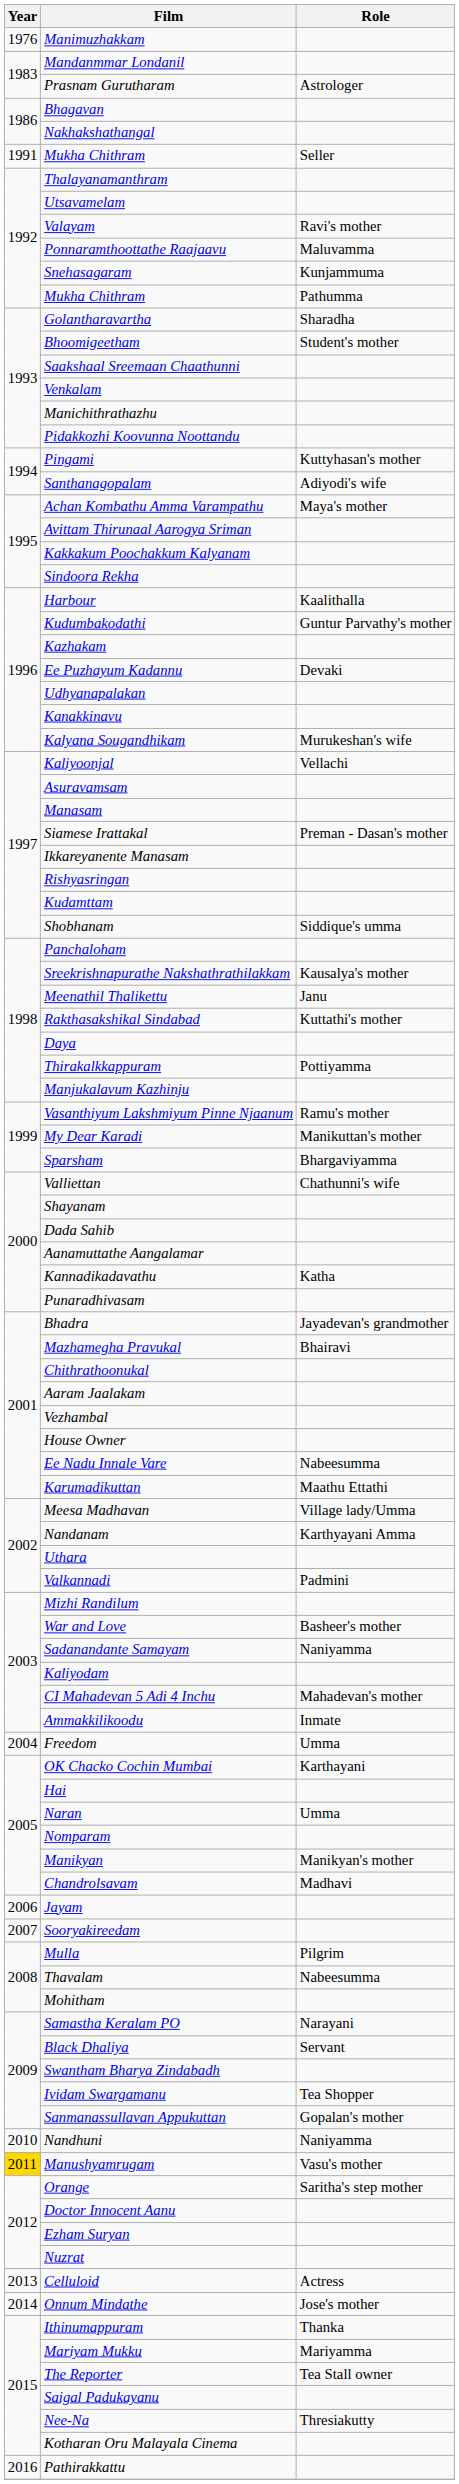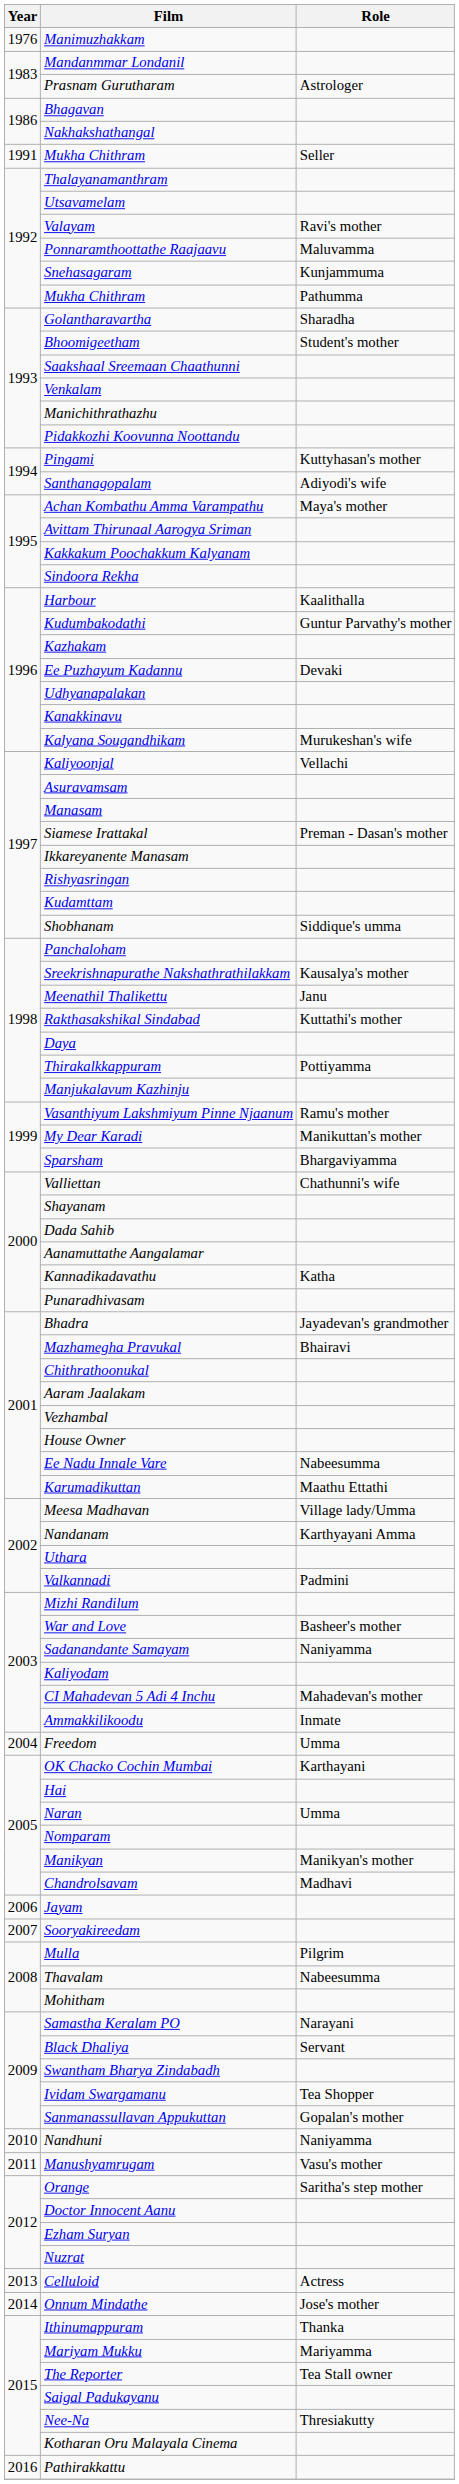 <table class="wikitable sortable">
 <tr>
 <th>Year</th>
 <th>Film</th>
 <th>Role</th>
 </tr>
 <tr>
 <td>1976</td>
 <td><em><a href='#'>Manimuzhakkam</a></em></td>
 <td></td>
 </tr>
 <tr>
 <td rowspan="2">1983</td>
 <td><em><a href='#'>Mandanmmar Londanil</a></em></td>
 <td></td>
 </tr>
 <tr>
 <td><em>Prasnam Gurutharam</em></td>
 <td>Astrologer</td>
 </tr>
 <tr>
 <td rowspan="2">1986</td>
 <td><em><a href='#'>Bhagavan</a></em></td>
 <td></td>
 </tr>
 <tr>
 <td><em><a href='#'>Nakhakshathangal</a></em></td>
 <td></td>
 </tr>
 <tr>
 <td>1991</td>
 <td><em><a href='#'>Mukha Chithram</a></em></td>
 <td>Seller</td>
 </tr>
 <tr>
 <td rowspan="6">1992</td>
 <td><em><a href='#'>Thalayanamanthram</a></em></td>
 <td></td>
 </tr>
 <tr>
 <td><em><a href='#'>Utsavamelam</a></em></td>
 <td></td>
 </tr>
 <tr>
 <td><em><a href='#'>Valayam</a></em></td>
 <td>Ravi's mother</td>
 </tr>
 <tr>
 <td><em><a href='#'>Ponnaramthoottathe Raajaavu</a></em></td>
 <td>Maluvamma</td>
 </tr>
 <tr>
 <td><em><a href='#'>Snehasagaram</a></em></td>
 <td>Kunjammuma</td>
 </tr>
 <tr>
 <td><em><a href='#'>Mukha Chithram</a></em></td>
 <td>Pathumma</td>
 </tr>
 <tr>
 <td rowspan="6">1993</td>
 <td><em><a href='#'>Golantharavartha</a></em></td>
 <td>Sharadha</td>
 </tr>
 <tr>
 <td><em><a href='#'>Bhoomigeetham</a></em></td>
 <td>Student's mother</td>
 </tr>
 <tr>
 <td><em><a href='#'>Saakshaal Sreemaan Chaathunni</a></em></td>
 <td></td>
 </tr>
 <tr>
 <td><em><a href='#'>Venkalam</a></em></td>
 <td></td>
 </tr>
 <tr>
 <td><em>Manichithrathazhu</em></td>
 <td></td>
 </tr>
 <tr>
 <td><em><a href='#'>Pidakkozhi Koovunna Noottandu</a></em></td>
 <td></td>
 </tr>
 <tr>
 <td rowspan="2">1994</td>
 <td><em><a href='#'>Pingami</a></em></td>
 <td>Kuttyhasan's mother</td>
 </tr>
 <tr>
 <td><em><a href='#'>Santhanagopalam</a></em></td>
 <td>Adiyodi's wife</td>
 </tr>
 <tr>
 <td rowspan="4">1995</td>
 <td><em><a href='#'>Achan Kombathu Amma Varampathu</a></em></td>
 <td>Maya's mother</td>
 </tr>
 <tr>
 <td><em><a href='#'>Avittam Thirunaal Aarogya Sriman</a></em></td>
 <td></td>
 </tr>
 <tr>
 <td><em><a href='#'>Kakkakum Poochakkum Kalyanam</a></em></td>
 <td></td>
 </tr>
 <tr>
 <td><em><a href='#'>Sindoora Rekha</a></em></td>
 <td></td>
 </tr>
 <tr>
 <td rowspan="7">1996</td>
 <td><em><a href='#'>Harbour</a></em></td>
 <td>Kaalithalla</td>
 </tr>
 <tr>
 <td><em><a href='#'>Kudumbakodathi</a></em></td>
 <td>Guntur Parvathy's mother</td>
 </tr>
 <tr>
 <td><em><a href='#'>Kazhakam</a></em></td>
 <td></td>
 </tr>
 <tr>
 <td><em><a href='#'>Ee Puzhayum Kadannu</a></em></td>
 <td>Devaki</td>
 </tr>
 <tr>
 <td><em><a href='#'>Udhyanapalakan</a></em></td>
 <td></td>
 </tr>
 <tr>
 <td><em><a href='#'>Kanakkinavu</a></em></td>
 <td></td>
 </tr>
 <tr>
 <td><em><a href='#'>Kalyana Sougandhikam</a></em></td>
 <td>Murukeshan's wife</td>
 </tr>
 <tr>
 <td rowspan="8">1997</td>
 <td><em><a href='#'>Kaliyoonjal</a></em></td>
 <td>Vellachi</td>
 </tr>
 <tr>
 <td><em><a href='#'>Asuravamsam</a></em></td>
 <td></td>
 </tr>
 <tr>
 <td><em><a href='#'>Manasam</a></em></td>
 <td></td>
 </tr>
 <tr>
 <td><em>Siamese Irattakal</em></td>
 <td>Preman - Dasan's mother</td>
 </tr>
 <tr>
 <td><em>Ikkareyanente Manasam</em></td>
 <td></td>
 </tr>
 <tr>
 <td><em><a href='#'>Rishyasringan</a></em></td>
 <td></td>
 </tr>
 <tr>
 <td><em><a href='#'>Kudamttam</a></em></td>
 <td></td>
 </tr>
 <tr>
 <td><em>Shobhanam</em></td>
 <td>Siddique's umma</td>
 </tr>
 <tr>
 <td rowspan="7">1998</td>
 <td><em><a href='#'>Panchaloham</a></em></td>
 <td></td>
 </tr>
 <tr>
 <td><em><a href='#'>Sreekrishnapurathe Nakshathrathilakkam</a></em></td>
 <td>Kausalya's mother</td>
 </tr>
 <tr>
 <td><em><a href='#'>Meenathil Thalikettu</a></em></td>
 <td>Janu</td>
 </tr>
 <tr>
 <td><em><a href='#'>Rakthasakshikal Sindabad</a></em></td>
 <td>Kuttathi's mother</td>
 </tr>
 <tr>
 <td><em><a href='#'>Daya</a></em></td>
 <td></td>
 </tr>
 <tr>
 <td><em><a href='#'>Thirakalkkappuram</a></em></td>
 <td>Pottiyamma</td>
 </tr>
 <tr>
 <td><em><a href='#'>Manjukalavum Kazhinju</a></em></td>
 <td></td>
 </tr>
 <tr>
 <td rowspan="3">1999</td>
 <td><em><a href='#'>Vasanthiyum Lakshmiyum Pinne Njaanum</a></em></td>
 <td>Ramu's mother</td>
 </tr>
 <tr>
 <td><em><a href='#'>My Dear Karadi</a></em></td>
 <td>Manikuttan's mother</td>
 </tr>
 <tr>
 <td><em><a href='#'>Sparsham</a></em></td>
 <td>Bhargaviyamma</td>
 </tr>
 <tr>
 <td rowspan="6">2000</td>
 <td><em>Valliettan</em></td>
 <td>Chathunni's wife</td>
 </tr>
 <tr>
 <td><em>Shayanam</em></td>
 <td></td>
 </tr>
 <tr>
 <td><em>Dada Sahib</em></td>
 <td></td>
 </tr>
 <tr>
 <td><em>Aanamuttathe Aangalamar</em></td>
 <td></td>
 </tr>
 <tr>
 <td><em>Kannadikadavathu</em></td>
 <td>Katha</td>
 </tr>
 <tr>
 <td><em>Punaradhivasam</em></td>
 <td></td>
 </tr>
 <tr>
 <td rowspan="8">2001</td>
 <td><em>Bhadra</em></td>
 <td>Jayadevan's grandmother</td>
 </tr>
 <tr>
 <td><em><a href='#'>Mazhamegha Pravukal</a></em></td>
 <td>Bhairavi</td>
 </tr>
 <tr>
 <td><em><a href='#'>Chithrathoonukal</a></em></td>
 <td></td>
 </tr>
 <tr>
 <td><em>Aaram Jaalakam</em></td>
 <td></td>
 </tr>
 <tr>
 <td><em>Vezhambal</em></td>
 <td></td>
 </tr>
 <tr>
 <td><em>House Owner </em></td>
 <td></td>
 </tr>
 <tr>
 <td><em><a href='#'>Ee Nadu Innale Vare</a></em></td>
 <td>Nabeesumma</td>
 </tr>
 <tr>
 <td><em><a href='#'>Karumadikuttan</a></em></td>
 <td>Maathu Ettathi</td>
 </tr>
 <tr>
 <td rowspan="4">2002</td>
 <td><em>Meesa Madhavan</em></td>
 <td>Village lady/Umma</td>
 </tr>
 <tr>
 <td><em>Nandanam</em></td>
 <td>Karthyayani Amma</td>
 </tr>
 <tr>
 <td><em><a href='#'>Uthara</a></em></td>
 <td></td>
 </tr>
 <tr>
 <td><em><a href='#'>Valkannadi</a></em></td>
 <td>Padmini</td>
 </tr>
 <tr>
 <td rowspan="6">2003</td>
 <td><em><a href='#'>Mizhi Randilum</a></em></td>
 <td></td>
 </tr>
 <tr>
 <td><em><a href='#'>War and Love</a></em></td>
 <td>Basheer's mother</td>
 </tr>
 <tr>
 <td><em><a href='#'>Sadanandante Samayam</a></em></td>
 <td>Naniyamma</td>
 </tr>
 <tr>
 <td><em><a href='#'>Kaliyodam</a></em></td>
 <td></td>
 </tr>
 <tr>
 <td><em><a href='#'>CI Mahadevan 5 Adi 4 Inchu</a></em></td>
 <td>Mahadevan's mother</td>
 </tr>
 <tr>
 <td><em><a href='#'>Ammakkilikoodu</a></em></td>
 <td>Inmate</td>
 </tr>
 <tr>
 <td>2004</td>
 <td><em>Freedom</em></td>
 <td>Umma</td>
 </tr>
 <tr>
 <td rowspan="6">2005</td>
 <td><em><a href='#'>OK Chacko Cochin Mumbai</a></em></td>
 <td>Karthayani</td>
 </tr>
 <tr>
 <td><em><a href='#'>Hai</a></em></td>
 <td></td>
 </tr>
 <tr>
 <td><em><a href='#'>Naran</a></em></td>
 <td>Umma</td>
 </tr>
 <tr>
 <td><em><a href='#'>Nomparam</a></em></td>
 <td></td>
 </tr>
 <tr>
 <td><em><a href='#'>Manikyan</a></em></td>
 <td>Manikyan's mother</td>
 </tr>
 <tr>
 <td><em><a href='#'>Chandrolsavam</a></em></td>
 <td>Madhavi</td>
 </tr>
 <tr>
 <td>2006</td>
 <td><em><a href='#'>Jayam</a></em></td>
 <td></td>
 </tr>
 <tr>
 <td>2007</td>
 <td><em><a href='#'>Sooryakireedam</a></em></td>
 <td></td>
 </tr>
 <tr>
 <td rowspan="3">2008</td>
 <td><em><a href='#'>Mulla</a></em></td>
 <td>Pilgrim</td>
 </tr>
 <tr>
 <td><em>Thavalam</em></td>
 <td>Nabeesumma</td>
 </tr>
 <tr>
 <td><em>Mohitham</em></td>
 <td></td>
 </tr>
 <tr>
 <td rowspan="5">2009</td>
 <td><em><a href='#'>Samastha Keralam PO</a></em></td>
 <td>Narayani</td>
 </tr>
 <tr>
 <td><em><a href='#'>Black Dhaliya</a></em></td>
 <td>Servant</td>
 </tr>
 <tr>
 <td><em><a href='#'>Swantham Bharya Zindabadh</a></em></td>
 <td></td>
 </tr>
 <tr>
 <td><em><a href='#'>Ividam Swargamanu</a></em></td>
 <td>Tea Shopper</td>
 </tr>
 <tr>
 <td><em><a href='#'>Sanmanassullavan Appukuttan</a></em></td>
 <td>Gopalan's mother</td>
 </tr>
 <tr>
 <td>2010</td>
 <td><em>Nandhuni</em></td>
 <td>Naniyamma</td>
 </tr>
 <tr>
-<td style="background: gold;">2011</td>
+<td>2011</td>
 <td><em><a href='#'>Manushyamrugam</a></em></td>
 <td>Vasu's mother</td>
 </tr>
 <tr>
 <td rowspan="4">2012</td>
 <td><em><a href='#'>Orange</a></em></td>
 <td>Saritha's step mother</td>
 </tr>
 <tr>
 <td><em><a href='#'>Doctor Innocent Aanu</a></em></td>
 <td></td>
 </tr>
 <tr>
 <td><em><a href='#'>Ezham Suryan</a></em></td>
 <td></td>
 </tr>
 <tr>
 <td><em><a href='#'>Nuzrat</a></em></td>
 <td></td>
 </tr>
 <tr>
 <td>2013</td>
 <td><em><a href='#'>Celluloid</a></em></td>
 <td>Actress</td>
 </tr>
 <tr>
 <td>2014</td>
 <td><em><a href='#'>Onnum Mindathe</a></em></td>
 <td>Jose's mother</td>
 </tr>
 <tr>
 <td rowspan="6">2015</td>
 <td><em><a href='#'>Ithinumappuram</a></em></td>
 <td>Thanka</td>
 </tr>
 <tr>
 <td><em><a href='#'>Mariyam Mukku</a></em></td>
 <td>Mariyamma</td>
 </tr>
 <tr>
 <td><em><a href='#'>The Reporter</a></em></td>
 <td>Tea Stall owner</td>
 </tr>
 <tr>
 <td><em><a href='#'>Saigal Padukayanu</a></em></td>
 <td></td>
 </tr>
 <tr>
 <td><em><a href='#'>Nee-Na</a></em></td>
 <td>Thresiakutty</td>
 </tr>
 <tr>
 <td><em>Kotharan Oru Malayala Cinema</em></td>
 <td></td>
 </tr>
 <tr>
 <td>2016</td>
 <td><em>Pathirakkattu</em></td>
 <td></td>
 </tr>
 <tr 2024 || >
 </tr>
 </table>
